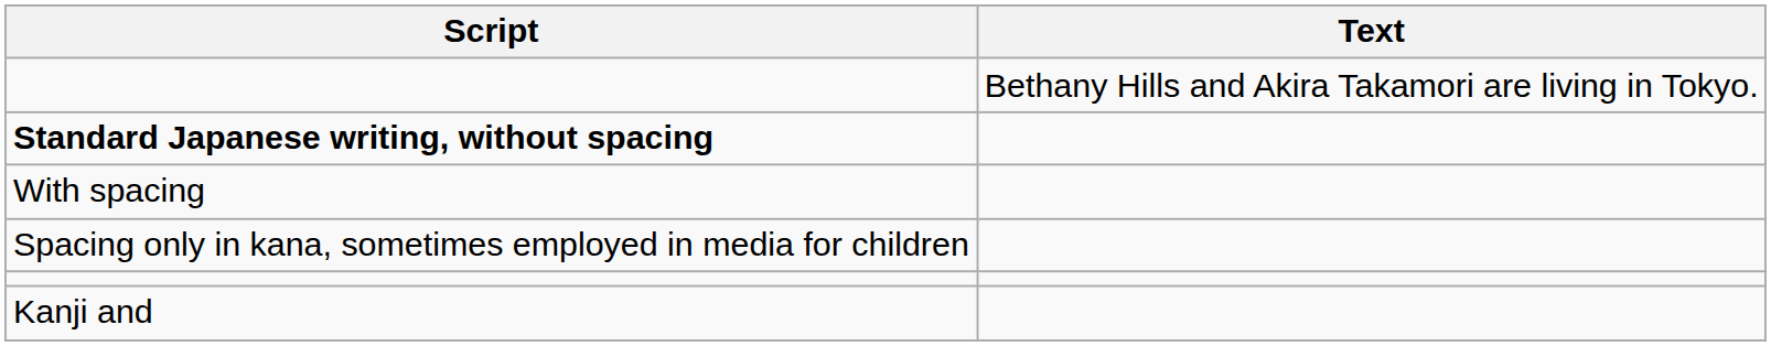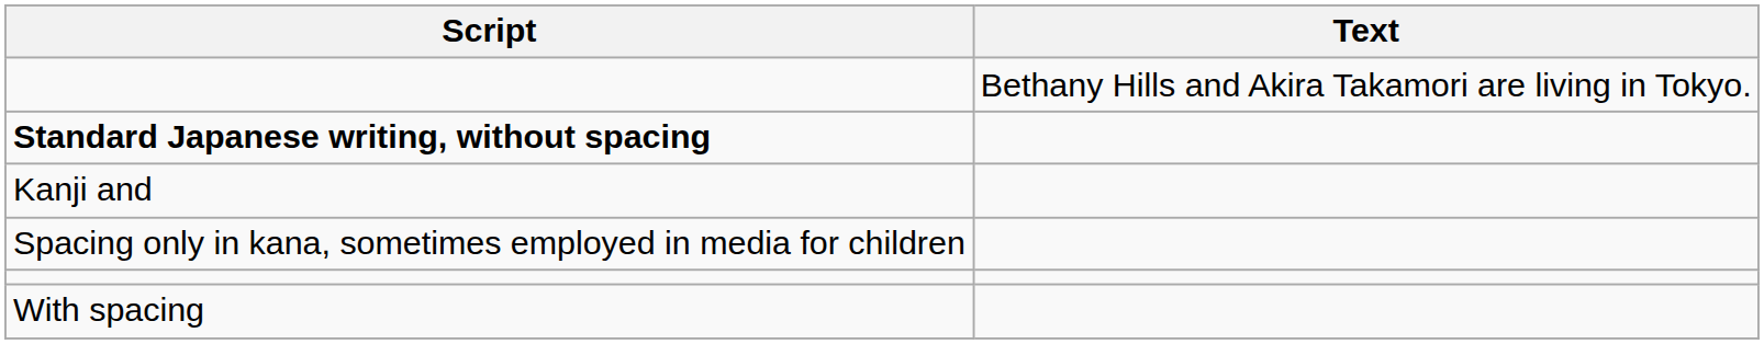 <table class="wikitable">
 <tr>
 <th>Script</th>
 <th>Text</th>
 </tr>
 <tr>
 <td> </td>
 <td>Bethany Hills and Akira Takamori are living in Tokyo.</td>
 </tr>
 <tr>
 <td><strong>Standard Japanese writing, without spacing</strong></td>
 <td></td>
 </tr>
 <tr>
-<td>With spacing</td>
+<td>Kanji and </td>
 <td></td>
 </tr>
 <tr>
 <td>Spacing only in kana, sometimes employed in media for children</td>
 <td></td>
 </tr>
 <tr>
 <td></td>
 <td></td>
 </tr>
 <tr>
-<td>Kanji and </td>
+<td>With spacing</td>
 <td></td>
 </tr>
 </table>
